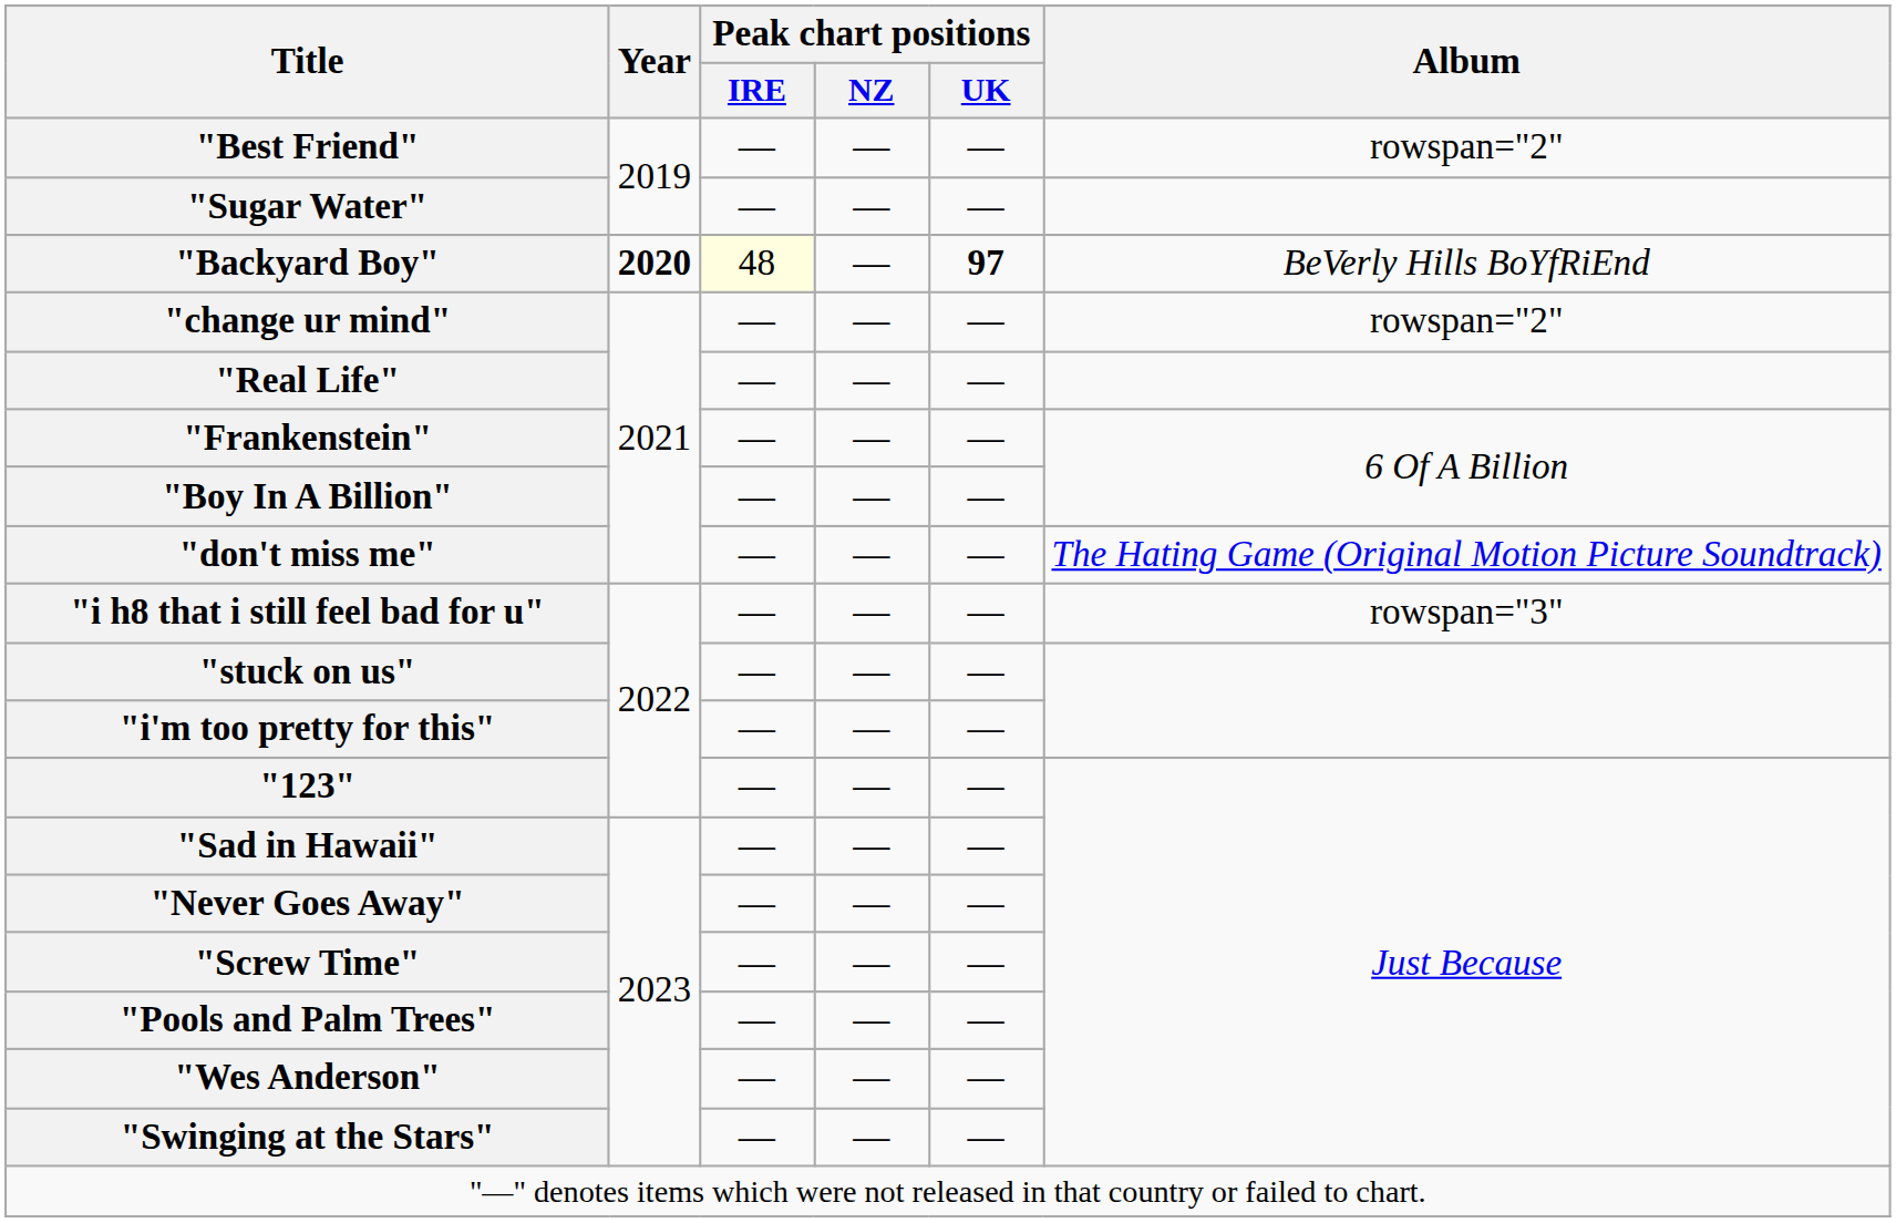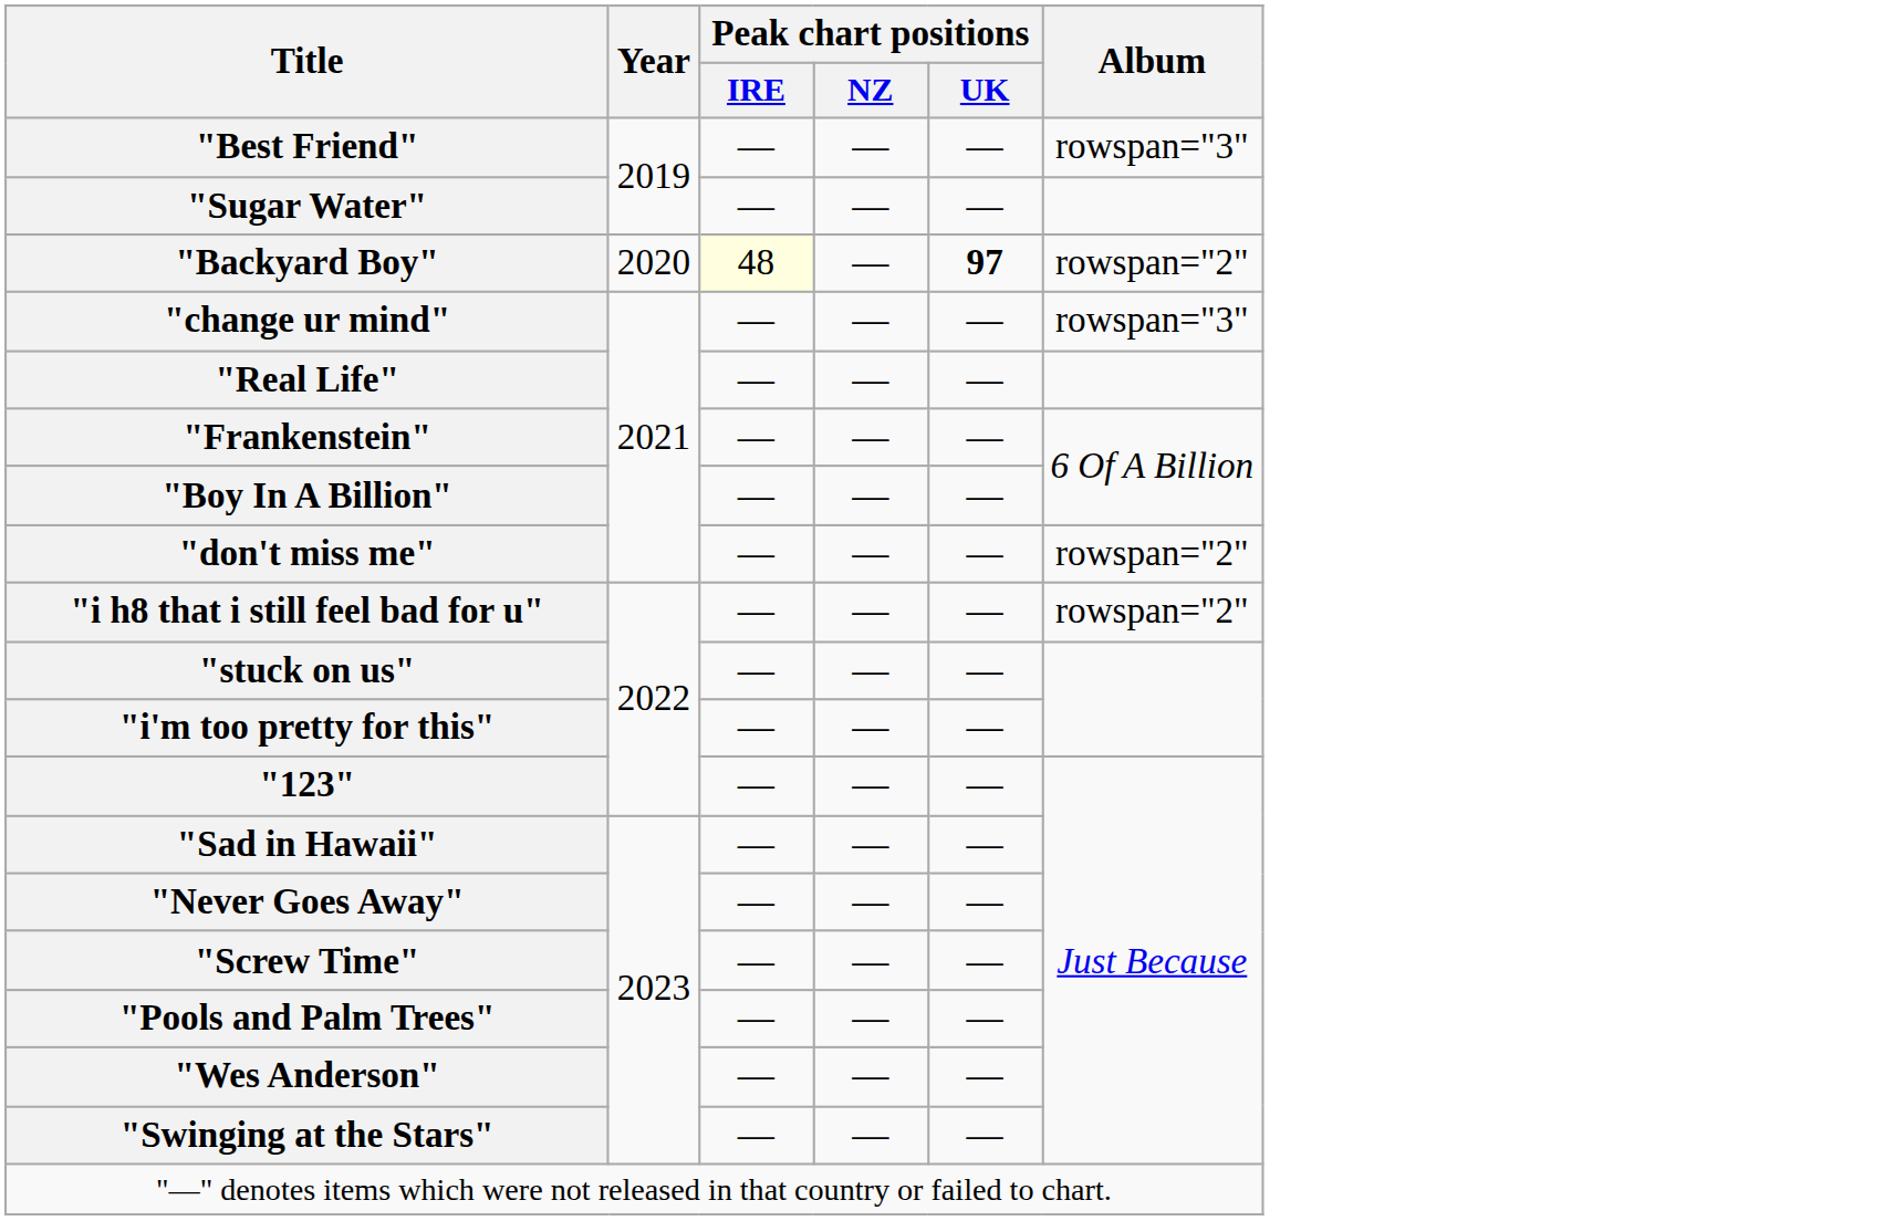 <table class="wikitable plainrowheaders" style="text-align:center;">
 <tr>
 <th scope="col" rowspan="2" style="width:16em;">Title</th>
 <th scope="col" rowspan="2" style="width:1em;">Year</th>
 <th colspan="3" scope="col">Peak chart positions</th>
 <th scope="col" rowspan="2">Album</th>
 </tr>
 <tr>
 <th scope="col" style="width:3em;font-size:90%;"><a href='#'>IRE</a><br></th>
 <th scope="col" style="width:3em;font-size:90%;"><a href='#'>NZ</a></th>
 <th scope="col" style="width:3em;font-size:90%;"><a href='#'>UK</a><br></th>
 </tr>
 <tr>
 <th scope="row">"Best Friend"</th>
 <td rowspan="2">2019</td>
 <td>—</td>
 <td>—</td>
 <td>—</td>
-<td>rowspan="2" </td>
+<td>rowspan="3" </td>
 </tr>
 <tr>
 <th scope="row">"Sugar Water"</th>
 <td>—</td>
 <td>—</td>
 <td>—</td>
 </tr>
 <tr>
 <th scope="row">"Backyard Boy" <br></th>
-<td><strong>2020</strong></td>
+<td>2020</td>
 <td style="background: lightyellow;">48</td>
 <td>—</td>
 <td><strong>97</strong></td>
-<td><em>BeVerly Hills BoYfRiEnd</em></td>
+<td>rowspan="2" </td>
 </tr>
 <tr>
 <th scope="row">"change ur mind" <br></th>
 <td rowspan="5">2021</td>
 <td>—</td>
 <td>—</td>
 <td>—</td>
-<td>rowspan="2" </td>
+<td>rowspan="3" </td>
 </tr>
 <tr>
 <th scope="row">"Real Life"</th>
 <td>—</td>
 <td>—</td>
 <td>—</td>
 </tr>
 <tr>
 <th scope="row">"Frankenstein"</th>
 <td>—</td>
 <td>—</td>
 <td>—</td>
 <td rowspan="2"><em>6 Of A Billion</em></td>
 </tr>
 <tr>
 <th scope="row">"Boy In A Billion"</th>
 <td>—</td>
 <td>—</td>
 <td>—</td>
 </tr>
 <tr>
 <th scope="row">"don't miss me"</th>
 <td>—</td>
 <td>—</td>
 <td>—</td>
-<td><em><a href='#'>The Hating Game (Original Motion Picture Soundtrack)</a></em></td>
+<td>rowspan="2" </td>
 </tr>
 <tr>
 <th scope="row">"i h8 that i still feel bad for u"</th>
 <td rowspan="4">2022</td>
 <td>—</td>
 <td>—</td>
 <td>—</td>
-<td>rowspan="3" </td>
+<td>rowspan="2" </td>
 </tr>
 <tr>
 <th scope="row">"stuck on us"</th>
 <td>—</td>
 <td>—</td>
 <td>—</td>
 </tr>
 <tr>
 <th scope="row">"i'm too pretty for this"</th>
 <td>—</td>
 <td>—</td>
 <td>—</td>
 </tr>
 <tr>
 <th scope="row">"123"</th>
 <td>—</td>
 <td>—</td>
 <td>—</td>
 <td rowspan="7"><em><a href='#'>Just Because</a></em></td>
 </tr>
 <tr>
 <th scope="row">"Sad in Hawaii"</th>
 <td rowspan="6">2023</td>
 <td>—</td>
 <td>—</td>
 <td>—</td>
 </tr>
 <tr>
 <th scope="row">"Never Goes Away"</th>
 <td>—</td>
 <td>—</td>
 <td>—</td>
 </tr>
 <tr>
 <th scope="row">"Screw Time"</th>
 <td>—</td>
 <td>—</td>
 <td>—</td>
 </tr>
 <tr>
 <th scope="row">"Pools and Palm Trees"</th>
 <td>—</td>
 <td>—</td>
 <td>—</td>
 </tr>
 <tr>
 <th scope="row">"Wes Anderson"</th>
 <td>—</td>
 <td>—</td>
 <td>—</td>
 </tr>
 <tr>
 <th scope="row">"Swinging at the Stars"</th>
 <td>—</td>
 <td>—</td>
 <td>—</td>
 </tr>
 <tr>
 <td colspan="6" style="font-size:85%;">"—" denotes items which were not released in that country or failed to chart.</td>
 </tr>
 </table>
